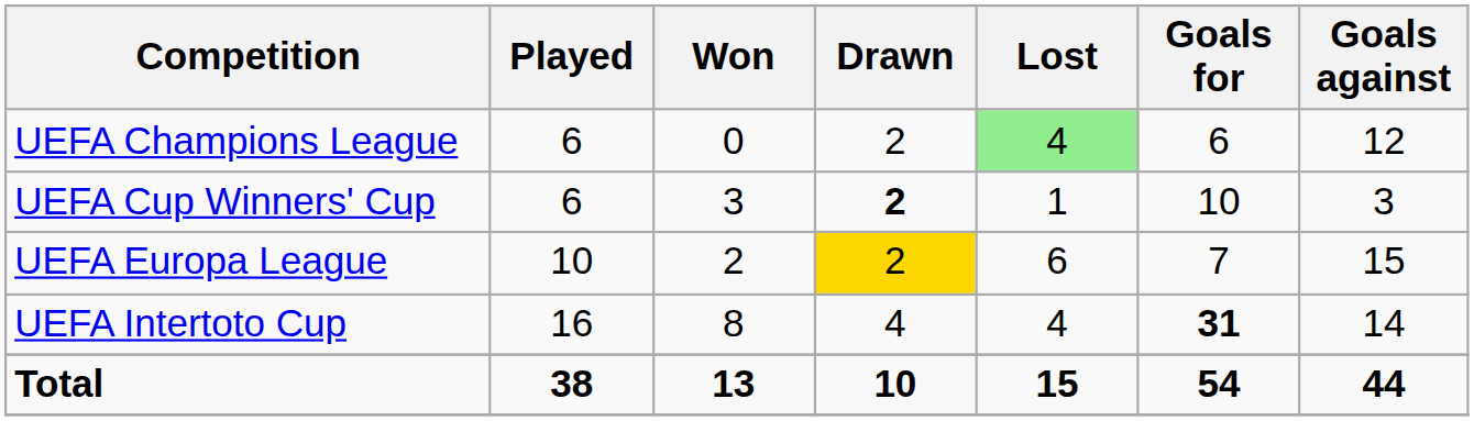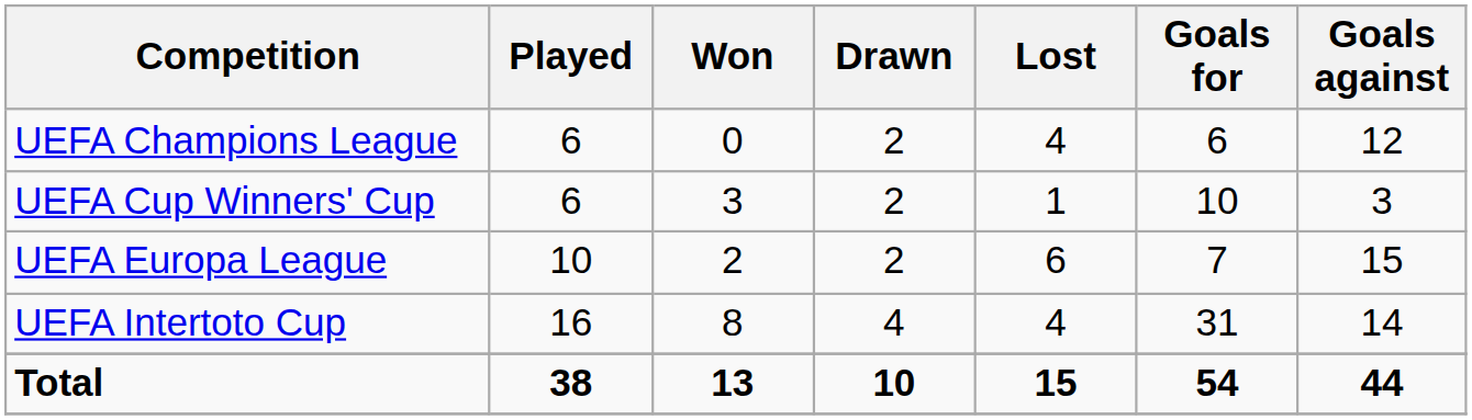 <table class="sortable wikitable">
 <tr>
 <th width=30%>Competition</th>
 <th width=10%>Played</th>
 <th width=10%>Won</th>
 <th width=10%>Drawn</th>
 <th width=10%>Lost</th>
 <th width=10%>Goals<br>for</th>
 <th width=10%>Goals<br>against</th>
 </tr>
 <tr>
 <td><a href='#'>UEFA Champions League</a></td>
 <td align=center>6</td>
 <td align=center>0</td>
 <td align=center>2</td>
-<td align=center style="background: lightgreen;">4</td>
+<td align=center>4</td>
 <td align=center>6</td>
 <td align=center>12</td>
 </tr>
 <tr>
 <td><a href='#'>UEFA Cup Winners' Cup</a></td>
 <td align=center>6</td>
 <td align=center>3</td>
-<td align=center><strong>2</strong></td>
+<td align=center>2</td>
 <td align=center>1</td>
 <td align=center>10</td>
 <td align=center>3</td>
 </tr>
 <tr>
 <td><a href='#'>UEFA Europa League</a></td>
 <td align=center>10</td>
 <td align=center>2</td>
-<td align=center style="background: gold;">2</td>
+<td align=center>2</td>
 <td align=center>6</td>
 <td align=center>7</td>
 <td align=center>15</td>
 </tr>
 <tr>
 <td><a href='#'>UEFA Intertoto Cup</a></td>
 <td align=center>16</td>
 <td align=center>8</td>
 <td align=center>4</td>
 <td align=center>4</td>
-<td align=center><strong>31</strong></td>
+<td align=center>31</td>
 <td align=center>14</td>
 </tr>
 <tr>
 </tr>
 <tr class="sortbottom">
 <td><strong>Total</strong></td>
 <td align=center><strong>38</strong></td>
 <td align=center><strong>13</strong></td>
 <td align=center><strong>10</strong></td>
 <td align=center><strong>15</strong></td>
 <td align=center><strong>54</strong></td>
 <td align=center><strong>44</strong></td>
 </tr>
 <tr>
 </tr>
 </table>
